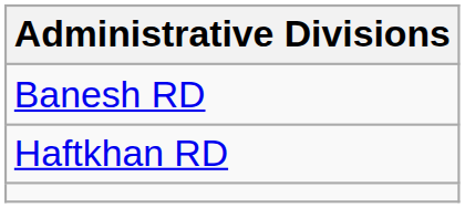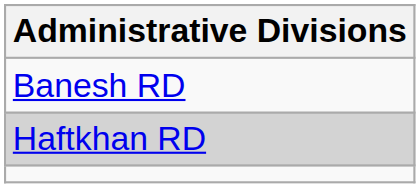 <table class="wikitable">
 <tr>
 <th>Administrative Divisions</th>
 </tr>
 <tr>
 <td><a href='#'>Banesh RD</a></td>
 </tr>
 <tr>
-<td><a href='#'>Haftkhan RD</a></td>
+<td style="background: lightgrey;"><a href='#'>Haftkhan RD</a></td>
 </tr>
 <tr>
 <td colspan=1></td>
 </tr>
 </table>
